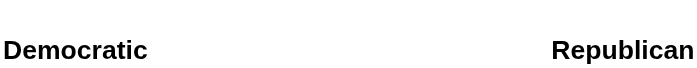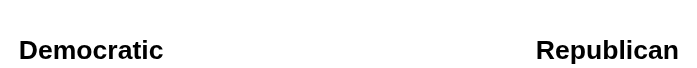 <table style="width:100%; text-align:center">
 <tr style="color:white">
 <td style="background:"><strong>267</strong></td>
-<td style="background:"><strong>1</strong></td>
 <td style="background:"><strong>167</strong></td>
 </tr>
 <tr>
 <td><strong>Democratic</strong></td>
-<td></td>
 <td><strong>Republican</strong></td>
 </tr>
 </table>
